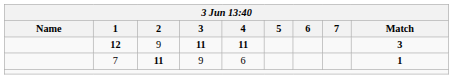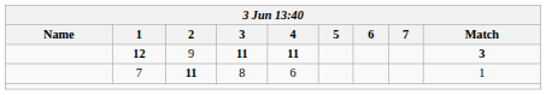 <table class=wikitable style="text-align:center; width: 55%">
 <tr>
 <th colspan=17><em>3 Jun 13:40</em></th>
 </tr>
 <tr>
 <th>Name</th>
 <th>1</th>
 <th>2</th>
 <th>3</th>
 <th>4</th>
 <th>5</th>
 <th>6</th>
 <th>7</th>
 <th>Match</th>
 </tr>
 <tr>
 <td style="text-align:left;"><strong></strong></td>
 <td><strong>12</strong></td>
 <td>9</td>
 <td><strong>11</strong></td>
 <td><strong>11</strong></td>
 <td></td>
 <td></td>
 <td></td>
 <td><strong>3</strong></td>
 </tr>
 <tr>
 <td style="text-align:left;"></td>
 <td>7</td>
 <td><strong>11</strong></td>
-<td>9</td>
+<td>8</td>
 <td>6</td>
 <td></td>
 <td></td>
 <td></td>
-<td><strong>1</strong></td>
+<td>1</td>
 </tr>
 <tr>
 <td colspan=17></td>
 </tr>
 </table>
